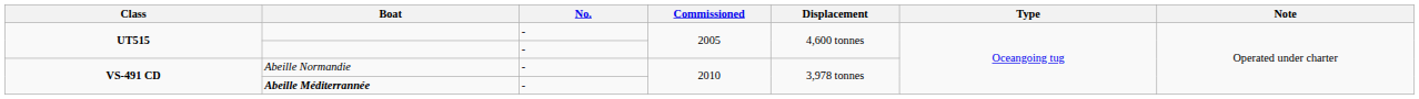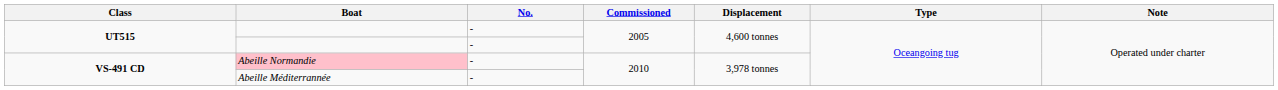 <table class="wikitable" style="margin:auto; width:100%;">
 <tr>
 <th style="text-align:center; width:10%;">Class</th>
 <th style="text-align:center; width:10%;">Boat</th>
 <th style="text-align:center; width:5%;"><a href='#'>No.</a></th>
 <th style="text-align:center; width:4%;"><a href='#'>Commissioned</a></th>
 <th style="text-align:center; width:5%;">Displacement</th>
 <th style="text-align:center; width:10%;">Type</th>
 <th style="text-align:center; width:10%;">Note</th>
 </tr>
 <tr>
 <td rowspan="2" style="text-align:center"><strong>UT515</strong></td>
 <td></td>
 <td>-</td>
 <td rowspan="2"  style="text-align:center">2005</td>
 <td rowspan="2"  style="text-align:center">4,600 tonnes</td>
 <td rowspan="4"  style="text-align:center"><a href='#'>Oceangoing tug</a></td>
 <td rowspan="4"  style="text-align:center">Operated under charter</td>
 </tr>
 <tr>
 <td></td>
 <td>-</td>
 </tr>
 <tr>
 <td rowspan="2" style="text-align:center"><strong> VS-491 CD </strong></td>
-<td><em>Abeille Normandie</em></td>
+<td style="background: pink;"><em>Abeille Normandie</em></td>
 <td>-</td>
 <td rowspan="2" style="text-align:center">2010</td>
 <td rowspan="2"  style="text-align:center">3,978 tonnes</td>
 </tr>
 <tr>
-<td><strong><em>Abeille Méditerrannée</em></strong></td>
+<td><em>Abeille Méditerrannée</em></td>
 <td>-</td>
 </tr>
 </table>
